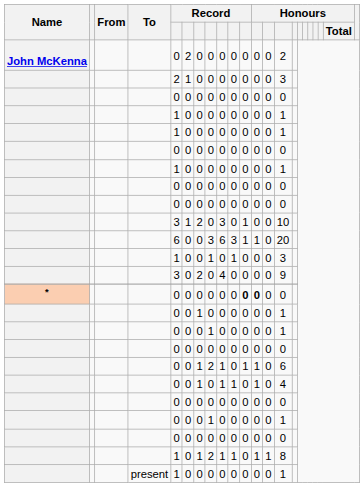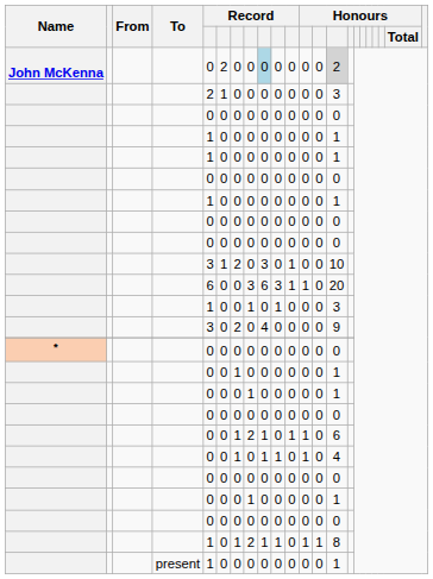 <table class="wikitable plainrowheaders sortable" style="font-size:95%; text-align:center;">
 <tr>
 <th rowspan="2" scope=col>Name</th>
 <th rowspan="2" scope=col></th>
 <th rowspan="2" scope=col>From</th>
 <th rowspan="2" scope=col>To</th>
 <th colspan="7" class="unsortable" scope=col>Record</th>
 <th colspan="10" class="unsortable" scope=col>Honours</th>
 <th rowspan="2" class="unsortable" scope=col></th>
 </tr>
 <tr>
 <th scope=col></th>
 <th scope=col></th>
 <th scope=col></th>
 <th scope=col></th>
 <th scope=col></th>
 <th scope=col></th>
 <th scope=col></th>
 <th scope=col></th>
 <th scope=col></th>
 <th scope=col></th>
 <th scope=col></th>
 <th scope=col></th>
 <th scope=col></th>
 <th scope=col></th>
 <th scope=col></th>
 <th scope=col></th>
 <th>Total</th>
 </tr>
 <tr>
 <th scope=row style=text-align:left><br><a href='#'>John McKenna</a></th>
 <td align=left><br></td>
 <td align=left></td>
 <td align=left><br></td>
 <td>0</td>
 <td>2</td>
 <td>0</td>
 <td>0</td>
+<td style="background: lightblue;">0</td>
 <td>0</td>
 <td>0</td>
 <td>0</td>
 <td>0</td>
-<td>0</td>
-<td>2</td>
+<td style="background: lightgrey;">2</td>
 <td></td>
 </tr>
 <tr>
 <th scope=row style=text-align:left></th>
 <td align=left></td>
 <td align=left></td>
 <td align=left><br></td>
 <td>2</td>
 <td>1</td>
 <td>0</td>
 <td>0</td>
 <td>0</td>
 <td>0</td>
 <td>0</td>
 <td>0</td>
 <td>0</td>
 <td>3</td>
 <td></td>
 </tr>
 <tr>
 <th scope=row style=text-align:left></th>
 <td align=left></td>
 <td align=left></td>
 <td align=left><br></td>
 <td>0</td>
 <td>0</td>
 <td>0</td>
 <td>0</td>
 <td>0</td>
 <td>0</td>
 <td>0</td>
 <td>0</td>
 <td>0</td>
 <td>0</td>
 <td></td>
 </tr>
 <tr>
 <th scope=row style=text-align:left></th>
 <td align=left></td>
 <td align=left></td>
 <td align=left><br></td>
 <td>1</td>
 <td>0</td>
 <td>0</td>
 <td>0</td>
 <td>0</td>
 <td>0</td>
 <td>0</td>
 <td>0</td>
 <td>0</td>
 <td>1</td>
 <td></td>
 </tr>
 <tr>
 <th scope=row style=text-align:left></th>
 <td align=left></td>
 <td align=left></td>
 <td align=left><br></td>
 <td>1</td>
 <td>0</td>
 <td>0</td>
 <td>0</td>
 <td>0</td>
 <td>0</td>
 <td>0</td>
 <td>0</td>
 <td>0</td>
 <td>1</td>
 <td></td>
 </tr>
 <tr>
 <th scope=row style=text-align:left></th>
 <td align=left></td>
 <td align=left></td>
 <td align=left><br></td>
 <td>0</td>
 <td>0</td>
 <td>0</td>
 <td>0</td>
 <td>0</td>
 <td>0</td>
 <td>0</td>
 <td>0</td>
 <td>0</td>
 <td>0</td>
 <td></td>
 </tr>
 <tr>
 <th scope=row style=text-align:left></th>
 <td align=left></td>
 <td align=left></td>
 <td align=left><br></td>
 <td>1</td>
 <td>0</td>
 <td>0</td>
 <td>0</td>
 <td>0</td>
 <td>0</td>
 <td>0</td>
 <td>0</td>
 <td>0</td>
 <td>1</td>
 <td></td>
 </tr>
 <tr>
 <th scope=row style=text-align:left></th>
 <td align=left></td>
 <td align=left></td>
 <td align=left><br></td>
 <td>0</td>
 <td>0</td>
 <td>0</td>
 <td>0</td>
 <td>0</td>
 <td>0</td>
 <td>0</td>
 <td>0</td>
 <td>0</td>
 <td>0</td>
 <td></td>
 </tr>
 <tr>
 <th scope=row style=text-align:left></th>
 <td align=left></td>
 <td align=left></td>
 <td align=left><br></td>
 <td>0</td>
 <td>0</td>
 <td>0</td>
 <td>0</td>
 <td>0</td>
 <td>0</td>
 <td>0</td>
 <td>0</td>
 <td>0</td>
 <td>0</td>
 <td></td>
 </tr>
 <tr>
 <th scope=row style=text-align:left></th>
 <td align=left></td>
 <td align=left></td>
 <td align=left><br></td>
 <td>3</td>
 <td>1</td>
 <td>2</td>
 <td>0</td>
 <td>3</td>
 <td>0</td>
 <td>1</td>
 <td>0</td>
 <td>0</td>
 <td>10</td>
 <td></td>
 </tr>
 <tr>
 <th scope=row style=text-align:left></th>
 <td align=left></td>
 <td align=left></td>
 <td align=left><br></td>
 <td>6</td>
 <td>0</td>
 <td>0</td>
 <td>3</td>
 <td>6</td>
 <td>3</td>
 <td>1</td>
 <td>1</td>
 <td>0</td>
 <td>20</td>
 <td></td>
 </tr>
 <tr>
 <th scope=row style=text-align:left></th>
 <td align=left></td>
 <td align=left></td>
 <td align=left><br></td>
 <td>1</td>
 <td>0</td>
 <td>0</td>
 <td>1</td>
 <td>0</td>
 <td>1</td>
 <td>0</td>
 <td>0</td>
 <td>0</td>
 <td>3</td>
 <td></td>
 </tr>
 <tr>
 <th scope=row style=text-align:left></th>
 <td align=left></td>
 <td align=left></td>
 <td align=left><br></td>
 <td>3</td>
 <td>0</td>
 <td>2</td>
 <td>0</td>
 <td>4</td>
 <td>0</td>
 <td>0</td>
 <td>0</td>
 <td>0</td>
 <td>9</td>
 <td></td>
 </tr>
 <tr>
 </tr>
 <tr>
 <th scope=row style=background:#FBCEB1><sup>*</sup></th>
 <td align=left></td>
 <td align=left></td>
 <td align=left><br></td>
 <td>0</td>
 <td>0</td>
 <td>0</td>
 <td>0</td>
 <td>0</td>
 <td>0</td>
-<td><strong>0</strong></td>
-<td><strong>0</strong></td>
+<td>0</td>
+<td>0</td>
 <td>0</td>
 <td>0</td>
 <td></td>
 </tr>
 <tr>
 <th scope=row style=text-align:left></th>
 <td align=left></td>
 <td align=left></td>
 <td align=left><br></td>
 <td>0</td>
 <td>0</td>
 <td>1</td>
 <td>0</td>
 <td>0</td>
 <td>0</td>
 <td>0</td>
 <td>0</td>
 <td>0</td>
 <td>1</td>
 <td></td>
 </tr>
 <tr>
 <th scope=row style=text-align:left></th>
 <td align=left></td>
 <td align=left></td>
 <td align=left><br></td>
 <td>0</td>
 <td>0</td>
 <td>0</td>
 <td>1</td>
 <td>0</td>
 <td>0</td>
 <td>0</td>
 <td>0</td>
 <td>0</td>
 <td>1</td>
 <td></td>
 </tr>
 <tr>
 <th scope=row style=text-align:left><br></th>
 <td align=left><br></td>
 <td align=left></td>
 <td align=left><br></td>
 <td>0</td>
 <td>0</td>
 <td>0</td>
 <td>0</td>
 <td>0</td>
 <td>0</td>
 <td>0</td>
 <td>0</td>
 <td>0</td>
 <td>0</td>
 <td></td>
 </tr>
 <tr>
 <th scope=row style=text-align:left></th>
 <td align=left></td>
 <td align=left></td>
 <td align=left><br></td>
 <td>0</td>
 <td>0</td>
 <td>1</td>
 <td>2</td>
 <td>1</td>
 <td>0</td>
 <td>1</td>
 <td>1</td>
 <td>0</td>
 <td>6</td>
 <td></td>
 </tr>
 <tr>
 <th scope=row style=text-align:left></th>
 <td align=left></td>
 <td align=left></td>
 <td align=left><br></td>
 <td>0</td>
 <td>0</td>
 <td>1</td>
 <td>0</td>
 <td>1</td>
 <td>1</td>
 <td>0</td>
 <td>1</td>
 <td>0</td>
 <td>4</td>
 <td></td>
 </tr>
 <tr>
 <th scope=row style=text-align:left></th>
 <td align=left></td>
 <td align=left></td>
 <td align=left><br></td>
 <td>0</td>
 <td>0</td>
 <td>0</td>
 <td>0</td>
 <td>0</td>
 <td>0</td>
 <td>0</td>
 <td>0</td>
 <td>0</td>
 <td>0</td>
 <td></td>
 </tr>
 <tr>
 <th scope=row style=text-align:left></th>
 <td align=left></td>
 <td align=left></td>
 <td align=left><br></td>
 <td>0</td>
 <td>0</td>
 <td>0</td>
 <td>1</td>
 <td>0</td>
 <td>0</td>
 <td>0</td>
 <td>0</td>
 <td>0</td>
 <td>1</td>
 <td></td>
 </tr>
 <tr>
 <th scope="row" style="text-align:left"></th>
 <td align=left></td>
 <td align=left></td>
 <td align=left><br></td>
 <td>0</td>
 <td>0</td>
 <td>0</td>
 <td>0</td>
 <td>0</td>
 <td>0</td>
 <td>0</td>
 <td>0</td>
 <td>0</td>
 <td>0</td>
 <td></td>
 </tr>
 <tr>
 <th scope="row" style="text-align:left"></th>
 <td align=left></td>
 <td align=left></td>
 <td align=left><br></td>
 <td>1</td>
 <td>0</td>
 <td>1</td>
 <td>2</td>
 <td>1</td>
 <td>1</td>
 <td>0</td>
 <td>1</td>
 <td>1</td>
 <td>8</td>
 <td></td>
 </tr>
 <tr>
 <th scope="row" style="text-align:left"></th>
 <td align=left></td>
 <td align=left></td>
 <td align=left>present<br></td>
 <td>1</td>
 <td>0</td>
 <td>0</td>
 <td>0</td>
 <td>0</td>
 <td>0</td>
 <td>0</td>
 <td>0</td>
 <td>0</td>
 <td>1</td>
 <td></td>
 </tr>
 </table>
